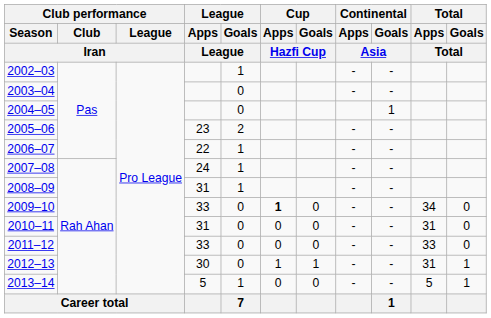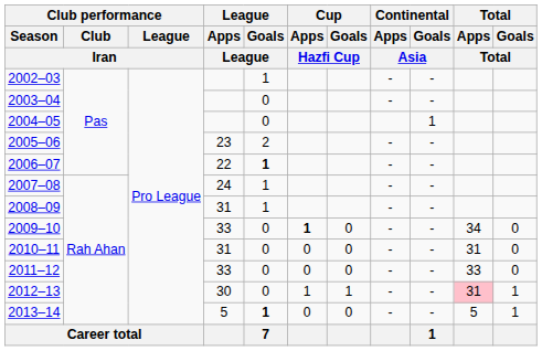 <table class="wikitable" style="text-align:center">
 <tr>
 <th colspan=3>Club performance</th>
 <th colspan=2>League</th>
 <th colspan=2>Cup</th>
 <th colspan=2>Continental</th>
 <th colspan=2>Total</th>
 </tr>
 <tr>
 <th>Season</th>
 <th>Club</th>
 <th>League</th>
 <th>Apps</th>
 <th>Goals</th>
 <th>Apps</th>
 <th>Goals</th>
 <th>Apps</th>
 <th>Goals</th>
 <th>Apps</th>
 <th>Goals</th>
 </tr>
 <tr>
 <th colspan=3>Iran</th>
 <th colspan=2>League</th>
 <th colspan=2><a href='#'>Hazfi Cup</a></th>
 <th colspan=2><a href='#'>Asia</a></th>
 <th colspan=2>Total</th>
 </tr>
 <tr>
 <td><a href='#'>2002–03</a></td>
 <td rowspan="5"><a href='#'>Pas</a></td>
 <td rowspan="12"><a href='#'>Pro League</a></td>
 <td></td>
 <td>1</td>
 <td></td>
 <td></td>
 <td>-</td>
 <td>-</td>
 <td></td>
 <td></td>
 </tr>
 <tr>
 <td><a href='#'>2003–04</a></td>
 <td></td>
 <td>0</td>
 <td></td>
 <td></td>
 <td>-</td>
 <td>-</td>
 <td></td>
 <td></td>
 </tr>
 <tr>
 <td><a href='#'>2004–05</a></td>
 <td></td>
 <td>0</td>
 <td></td>
 <td></td>
 <td></td>
 <td>1</td>
 <td></td>
 <td></td>
 </tr>
 <tr>
 <td><a href='#'>2005–06</a></td>
 <td>23</td>
 <td>2</td>
 <td></td>
 <td></td>
 <td>-</td>
 <td>-</td>
 <td></td>
 <td></td>
 </tr>
 <tr>
 <td><a href='#'>2006–07</a></td>
 <td>22</td>
-<td>1</td>
+<td><strong>1</strong></td>
 <td></td>
 <td></td>
 <td>-</td>
 <td>-</td>
 <td></td>
 <td></td>
 </tr>
 <tr>
 <td><a href='#'>2007–08</a></td>
 <td rowspan="7"><a href='#'>Rah Ahan</a></td>
 <td>24</td>
 <td>1</td>
 <td></td>
 <td></td>
 <td>-</td>
 <td>-</td>
 <td></td>
 <td></td>
 </tr>
 <tr>
 <td><a href='#'>2008–09</a></td>
 <td>31</td>
 <td>1</td>
 <td></td>
 <td></td>
 <td>-</td>
 <td>-</td>
 <td></td>
 <td></td>
 </tr>
 <tr>
 <td><a href='#'>2009–10</a></td>
 <td>33</td>
 <td>0</td>
 <td><strong>1</strong></td>
 <td>0</td>
 <td>-</td>
 <td>-</td>
 <td>34</td>
 <td>0</td>
 </tr>
 <tr>
 <td><a href='#'>2010–11</a></td>
 <td>31</td>
 <td>0</td>
 <td>0</td>
 <td>0</td>
 <td>-</td>
 <td>-</td>
 <td>31</td>
 <td>0</td>
 </tr>
 <tr>
 <td><a href='#'>2011–12</a></td>
 <td>33</td>
 <td>0</td>
 <td>0</td>
 <td>0</td>
 <td>-</td>
 <td>-</td>
 <td>33</td>
 <td>0</td>
 </tr>
 <tr>
 <td><a href='#'>2012–13</a></td>
 <td>30</td>
 <td>0</td>
 <td>1</td>
 <td>1</td>
 <td>-</td>
 <td>-</td>
-<td>31</td>
+<td style="background: pink;">31</td>
 <td>1</td>
 </tr>
 <tr>
 <td><a href='#'>2013–14</a></td>
 <td>5</td>
-<td>1</td>
+<td><strong>1</strong></td>
 <td>0</td>
 <td>0</td>
 <td>-</td>
 <td>-</td>
 <td>5</td>
 <td>1</td>
 </tr>
 <tr>
 <th colspan=3>Career total</th>
 <th></th>
 <th>7</th>
 <th></th>
 <th></th>
 <th></th>
 <th>1</th>
 <th></th>
 <th></th>
 </tr>
 </table>
